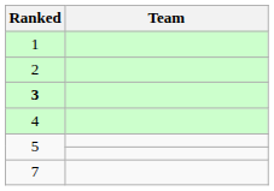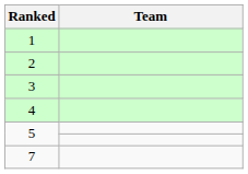 <table class="wikitable" style="text-align:center; font-size:90%">
 <tr>
 <th width=40>Ranked</th>
 <th width=180>Team</th>
 </tr>
 <tr bgcolor="ccffcc">
 <td style="text-align:center">1</td>
 <td style="text-align:left"></td>
 </tr>
 <tr bgcolor="ccffcc">
 <td style="text-align:center">2</td>
 <td style="text-align:left"></td>
 </tr>
 <tr bgcolor="ccffcc">
-<td style="text-align:center"><strong>3</strong></td>
+<td style="text-align:center">3</td>
 <td style="text-align:left"></td>
 </tr>
 <tr bgcolor="ccffcc">
 <td style="text-align:center">4</td>
 <td style="text-align:left"></td>
 </tr>
 <tr>
 <td rowspan=2 style="text-align:center">5</td>
 <td style="text-align:left"></td>
 </tr>
 <tr>
 <td style="text-align:left"></td>
 </tr>
 <tr>
 <td style="text-align:center">7</td>
 <td style="text-align:left"></td>
 </tr>
 </table>
